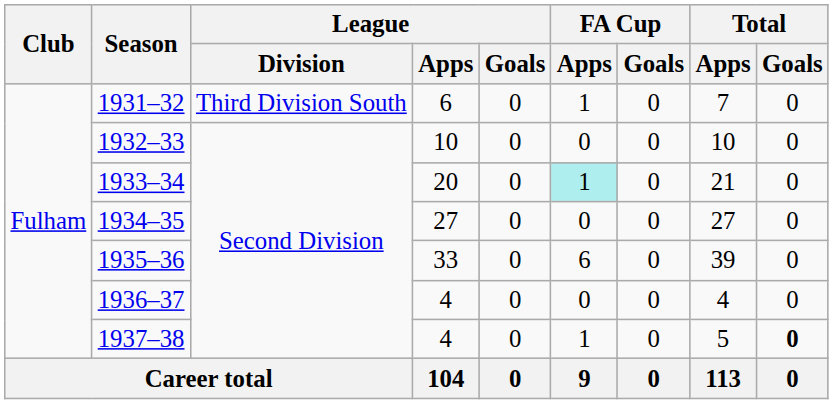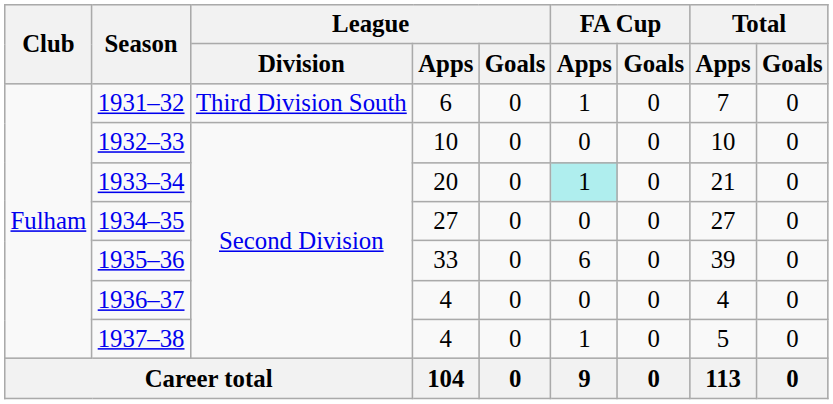 <table class="wikitable" style="text-align: center;">
 <tr>
 <th rowspan="2">Club</th>
 <th rowspan="2">Season</th>
 <th colspan="3">League</th>
 <th colspan="2">FA Cup</th>
 <th colspan="2">Total</th>
 </tr>
 <tr>
 <th>Division</th>
 <th>Apps</th>
 <th>Goals</th>
 <th>Apps</th>
 <th>Goals</th>
 <th>Apps</th>
 <th>Goals</th>
 </tr>
 <tr>
 <td rowspan="7"><a href='#'>Fulham</a></td>
 <td><a href='#'>1931–32</a></td>
 <td><a href='#'>Third Division South</a></td>
 <td>6</td>
 <td>0</td>
 <td>1</td>
 <td>0</td>
 <td>7</td>
 <td>0</td>
 </tr>
 <tr>
 <td><a href='#'>1932–33</a></td>
 <td rowspan="6"><a href='#'>Second Division</a></td>
 <td>10</td>
 <td>0</td>
 <td>0</td>
 <td>0</td>
 <td>10</td>
 <td>0</td>
 </tr>
 <tr>
 <td><a href='#'>1933–34</a></td>
 <td>20</td>
 <td>0</td>
 <td style="background: paleturquoise;">1</td>
 <td>0</td>
 <td>21</td>
 <td>0</td>
 </tr>
 <tr>
 <td><a href='#'>1934–35</a></td>
 <td>27</td>
 <td>0</td>
 <td>0</td>
 <td>0</td>
 <td>27</td>
 <td>0</td>
 </tr>
 <tr>
 <td><a href='#'>1935–36</a></td>
 <td>33</td>
 <td>0</td>
 <td>6</td>
 <td>0</td>
 <td>39</td>
 <td>0</td>
 </tr>
 <tr>
 <td><a href='#'>1936–37</a></td>
 <td>4</td>
 <td>0</td>
 <td>0</td>
 <td>0</td>
 <td>4</td>
 <td>0</td>
 </tr>
 <tr>
 <td><a href='#'>1937–38</a></td>
 <td>4</td>
 <td>0</td>
 <td>1</td>
 <td>0</td>
 <td>5</td>
-<td><strong>0</strong></td>
+<td>0</td>
 </tr>
 <tr>
 <th colspan="3">Career total</th>
 <th>104</th>
 <th>0</th>
 <th>9</th>
 <th>0</th>
 <th>113</th>
 <th>0</th>
 </tr>
 </table>
